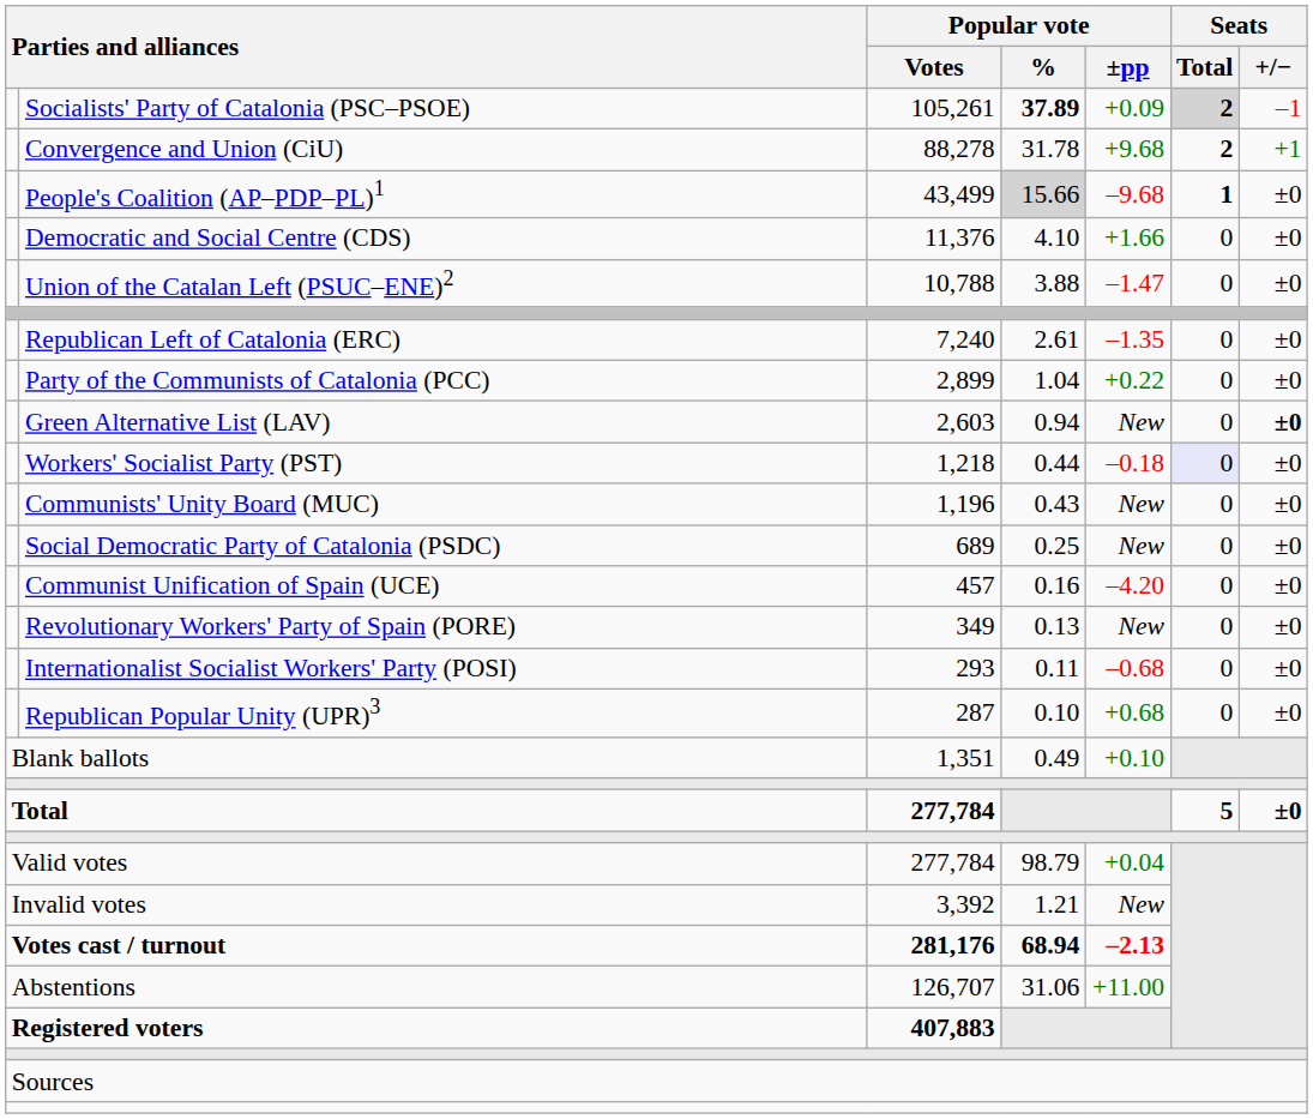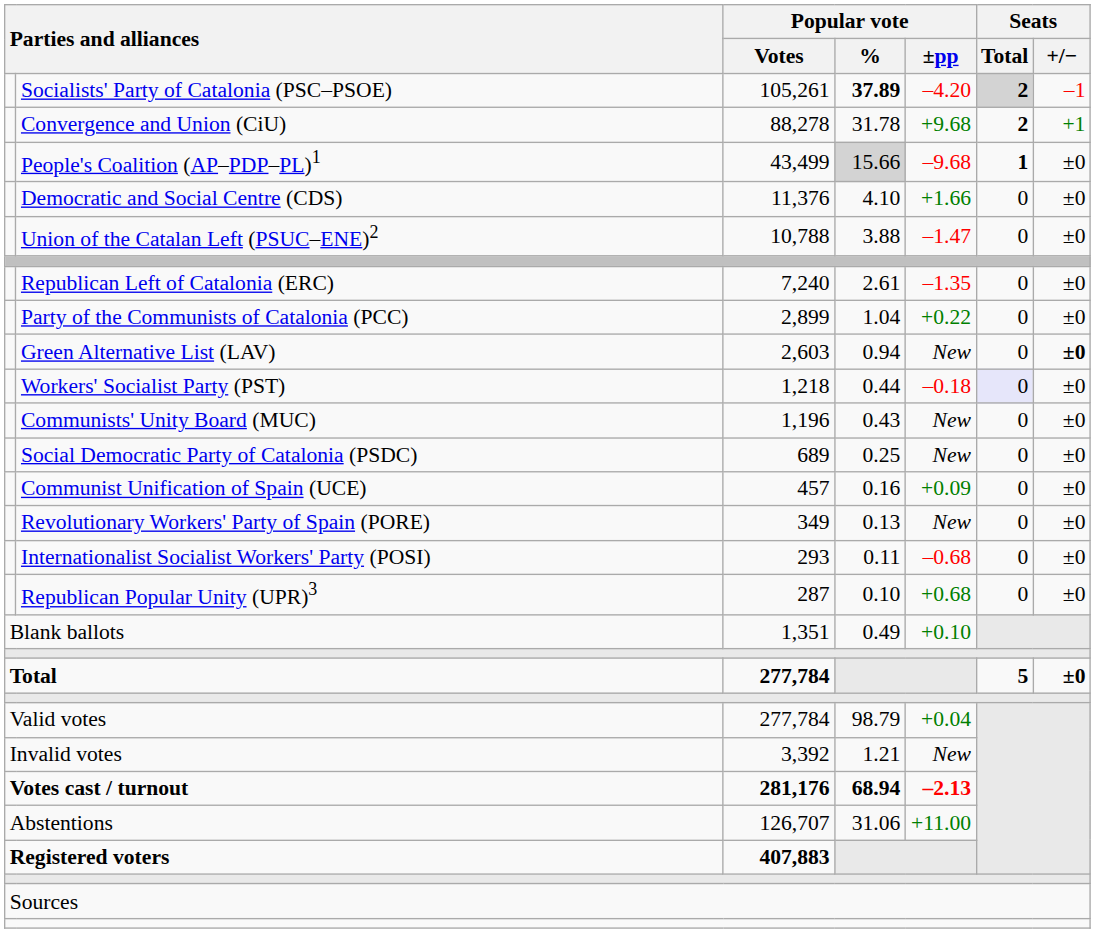 <table class="wikitable" style="text-align:right;">
 <tr>
 <th style="text-align:left;" rowspan="2" colspan="2" width="525">Parties and alliances</th>
 <th colspan="3">Popular vote</th>
 <th colspan="2">Seats</th>
 </tr>
 <tr>
 <th width="75">Votes</th>
 <th width="45">%</th>
 <th width="45">±<a href='#'>pp</a></th>
 <th width="35">Total</th>
 <th width="35">+/−</th>
 </tr>
 <tr>
 <td width="1" style="color:inherit;background:"></td>
 <td align="left"><a href='#'>Socialists' Party of Catalonia</a> (PSC–PSOE)</td>
 <td>105,261</td>
 <td><strong>37.89</strong></td>
-<td style="color:green;">+0.09</td>
+<td style="color:red;">–4.20</td>
 <td style="background: lightgrey;"><strong>2</strong></td>
 <td style="color:red;">–1</td>
 </tr>
 <tr>
 <td style="color:inherit;background:"></td>
 <td align="left"><a href='#'>Convergence and Union</a> (CiU)</td>
 <td>88,278</td>
 <td>31.78</td>
 <td style="color:green;">+9.68</td>
 <td><strong>2</strong></td>
 <td style="color:green;">+1</td>
 </tr>
 <tr>
 <td style="color:inherit;background:"></td>
 <td align="left"><a href='#'>People's Coalition</a> (<a href='#'>AP</a>–<a href='#'>PDP</a>–<a href='#'>PL</a>)<sup>1</sup></td>
 <td>43,499</td>
 <td style="background: lightgrey;">15.66</td>
 <td style="color:red;">–9.68</td>
 <td><strong>1</strong></td>
 <td>±0</td>
 </tr>
 <tr>
 <td style="color:inherit;background:"></td>
 <td align="left"><a href='#'>Democratic and Social Centre</a> (CDS)</td>
 <td>11,376</td>
 <td>4.10</td>
 <td style="color:green;">+1.66</td>
 <td>0</td>
 <td>±0</td>
 </tr>
 <tr>
 <td style="color:inherit;background:"></td>
 <td align="left"><a href='#'>Union of the Catalan Left</a> (<a href='#'>PSUC</a>–<a href='#'>ENE</a>)<sup>2</sup></td>
 <td>10,788</td>
 <td>3.88</td>
 <td style="color:red;">–1.47</td>
 <td>0</td>
 <td>±0</td>
 </tr>
 <tr>
 <td colspan="7" bgcolor="#C0C0C0"></td>
 </tr>
 <tr>
 <td style="color:inherit;background:"></td>
 <td align="left"><a href='#'>Republican Left of Catalonia</a> (ERC)</td>
 <td>7,240</td>
 <td>2.61</td>
 <td style="color:red;">–1.35</td>
 <td>0</td>
 <td>±0</td>
 </tr>
 <tr>
 <td style="color:inherit;background:"></td>
 <td align="left"><a href='#'>Party of the Communists of Catalonia</a> (PCC)</td>
 <td>2,899</td>
 <td>1.04</td>
 <td style="color:green;">+0.22</td>
 <td>0</td>
 <td>±0</td>
 </tr>
 <tr>
 <td style="color:inherit;background:"></td>
 <td align="left"><a href='#'>Green Alternative List</a> (LAV)</td>
 <td>2,603</td>
 <td>0.94</td>
 <td><em>New</em></td>
 <td>0</td>
 <td><strong>±0</strong></td>
 </tr>
 <tr>
 <td style="color:inherit;background:"></td>
 <td align="left"><a href='#'>Workers' Socialist Party</a> (PST)</td>
 <td>1,218</td>
 <td>0.44</td>
 <td style="color:red;">–0.18</td>
 <td style="background: lavender;">0</td>
 <td>±0</td>
 </tr>
 <tr>
 <td style="color:inherit;background:"></td>
 <td align="left"><a href='#'>Communists' Unity Board</a> (MUC)</td>
 <td>1,196</td>
 <td>0.43</td>
 <td><em>New</em></td>
 <td>0</td>
 <td>±0</td>
 </tr>
 <tr>
 <td style="color:inherit;background:"></td>
 <td align="left"><a href='#'>Social Democratic Party of Catalonia</a> (PSDC)</td>
 <td>689</td>
 <td>0.25</td>
 <td><em>New</em></td>
 <td>0</td>
 <td>±0</td>
 </tr>
 <tr>
 <td style="color:inherit;background:"></td>
 <td align="left"><a href='#'>Communist Unification of Spain</a> (UCE)</td>
 <td>457</td>
 <td>0.16</td>
-<td style="color:red;">–4.20</td>
+<td style="color:green;">+0.09</td>
 <td>0</td>
 <td>±0</td>
 </tr>
 <tr>
 <td style="color:inherit;background:"></td>
 <td align="left"><a href='#'>Revolutionary Workers' Party of Spain</a> (PORE)</td>
 <td>349</td>
 <td>0.13</td>
 <td><em>New</em></td>
 <td>0</td>
 <td>±0</td>
 </tr>
 <tr>
 <td style="color:inherit;background:"></td>
 <td align="left"><a href='#'>Internationalist Socialist Workers' Party</a> (POSI)</td>
 <td>293</td>
 <td>0.11</td>
 <td style="color:red;">–0.68</td>
 <td>0</td>
 <td>±0</td>
 </tr>
 <tr>
 <td style="color:inherit;background:"></td>
 <td align="left"><a href='#'>Republican Popular Unity</a> (UPR)<sup>3</sup></td>
 <td>287</td>
 <td>0.10</td>
 <td style="color:green;">+0.68</td>
 <td>0</td>
 <td>±0</td>
 </tr>
 <tr>
 <td align="left" colspan="2">Blank ballots</td>
 <td>1,351</td>
 <td>0.49</td>
 <td style="color:green;">+0.10</td>
 <td bgcolor="#E9E9E9" colspan="2"></td>
 </tr>
 <tr>
 <td colspan="7" bgcolor="#E9E9E9"></td>
 </tr>
 <tr style="font-weight:bold;">
 <td align="left" colspan="2">Total</td>
 <td>277,784</td>
 <td bgcolor="#E9E9E9" colspan="2"></td>
 <td>5</td>
 <td>±0</td>
 </tr>
 <tr>
 <td colspan="7" bgcolor="#E9E9E9"></td>
 </tr>
 <tr>
 <td align="left" colspan="2">Valid votes</td>
 <td>277,784</td>
 <td>98.79</td>
 <td style="color:green;">+0.04</td>
 <td bgcolor="#E9E9E9" colspan="2" rowspan="5"></td>
 </tr>
 <tr>
 <td align="left" colspan="2">Invalid votes</td>
 <td>3,392</td>
 <td>1.21</td>
 <td><em>New</em></td>
 </tr>
 <tr style="font-weight:bold;">
 <td align="left" colspan="2">Votes cast / turnout</td>
 <td>281,176</td>
 <td>68.94</td>
 <td style="color:red;">–2.13</td>
 </tr>
 <tr>
 <td align="left" colspan="2">Abstentions</td>
 <td>126,707</td>
 <td>31.06</td>
 <td style="color:green;">+11.00</td>
 </tr>
 <tr style="font-weight:bold;">
 <td align="left" colspan="2">Registered voters</td>
 <td>407,883</td>
 <td bgcolor="#E9E9E9" colspan="2"></td>
 </tr>
 <tr>
 <td colspan="7" bgcolor="#E9E9E9"></td>
 </tr>
 <tr>
 <td align="left" colspan="7">Sources</td>
 </tr>
 <tr>
 <td colspan="7" style="text-align:left; max-width:790px;"></td>
 </tr>
 </table>
